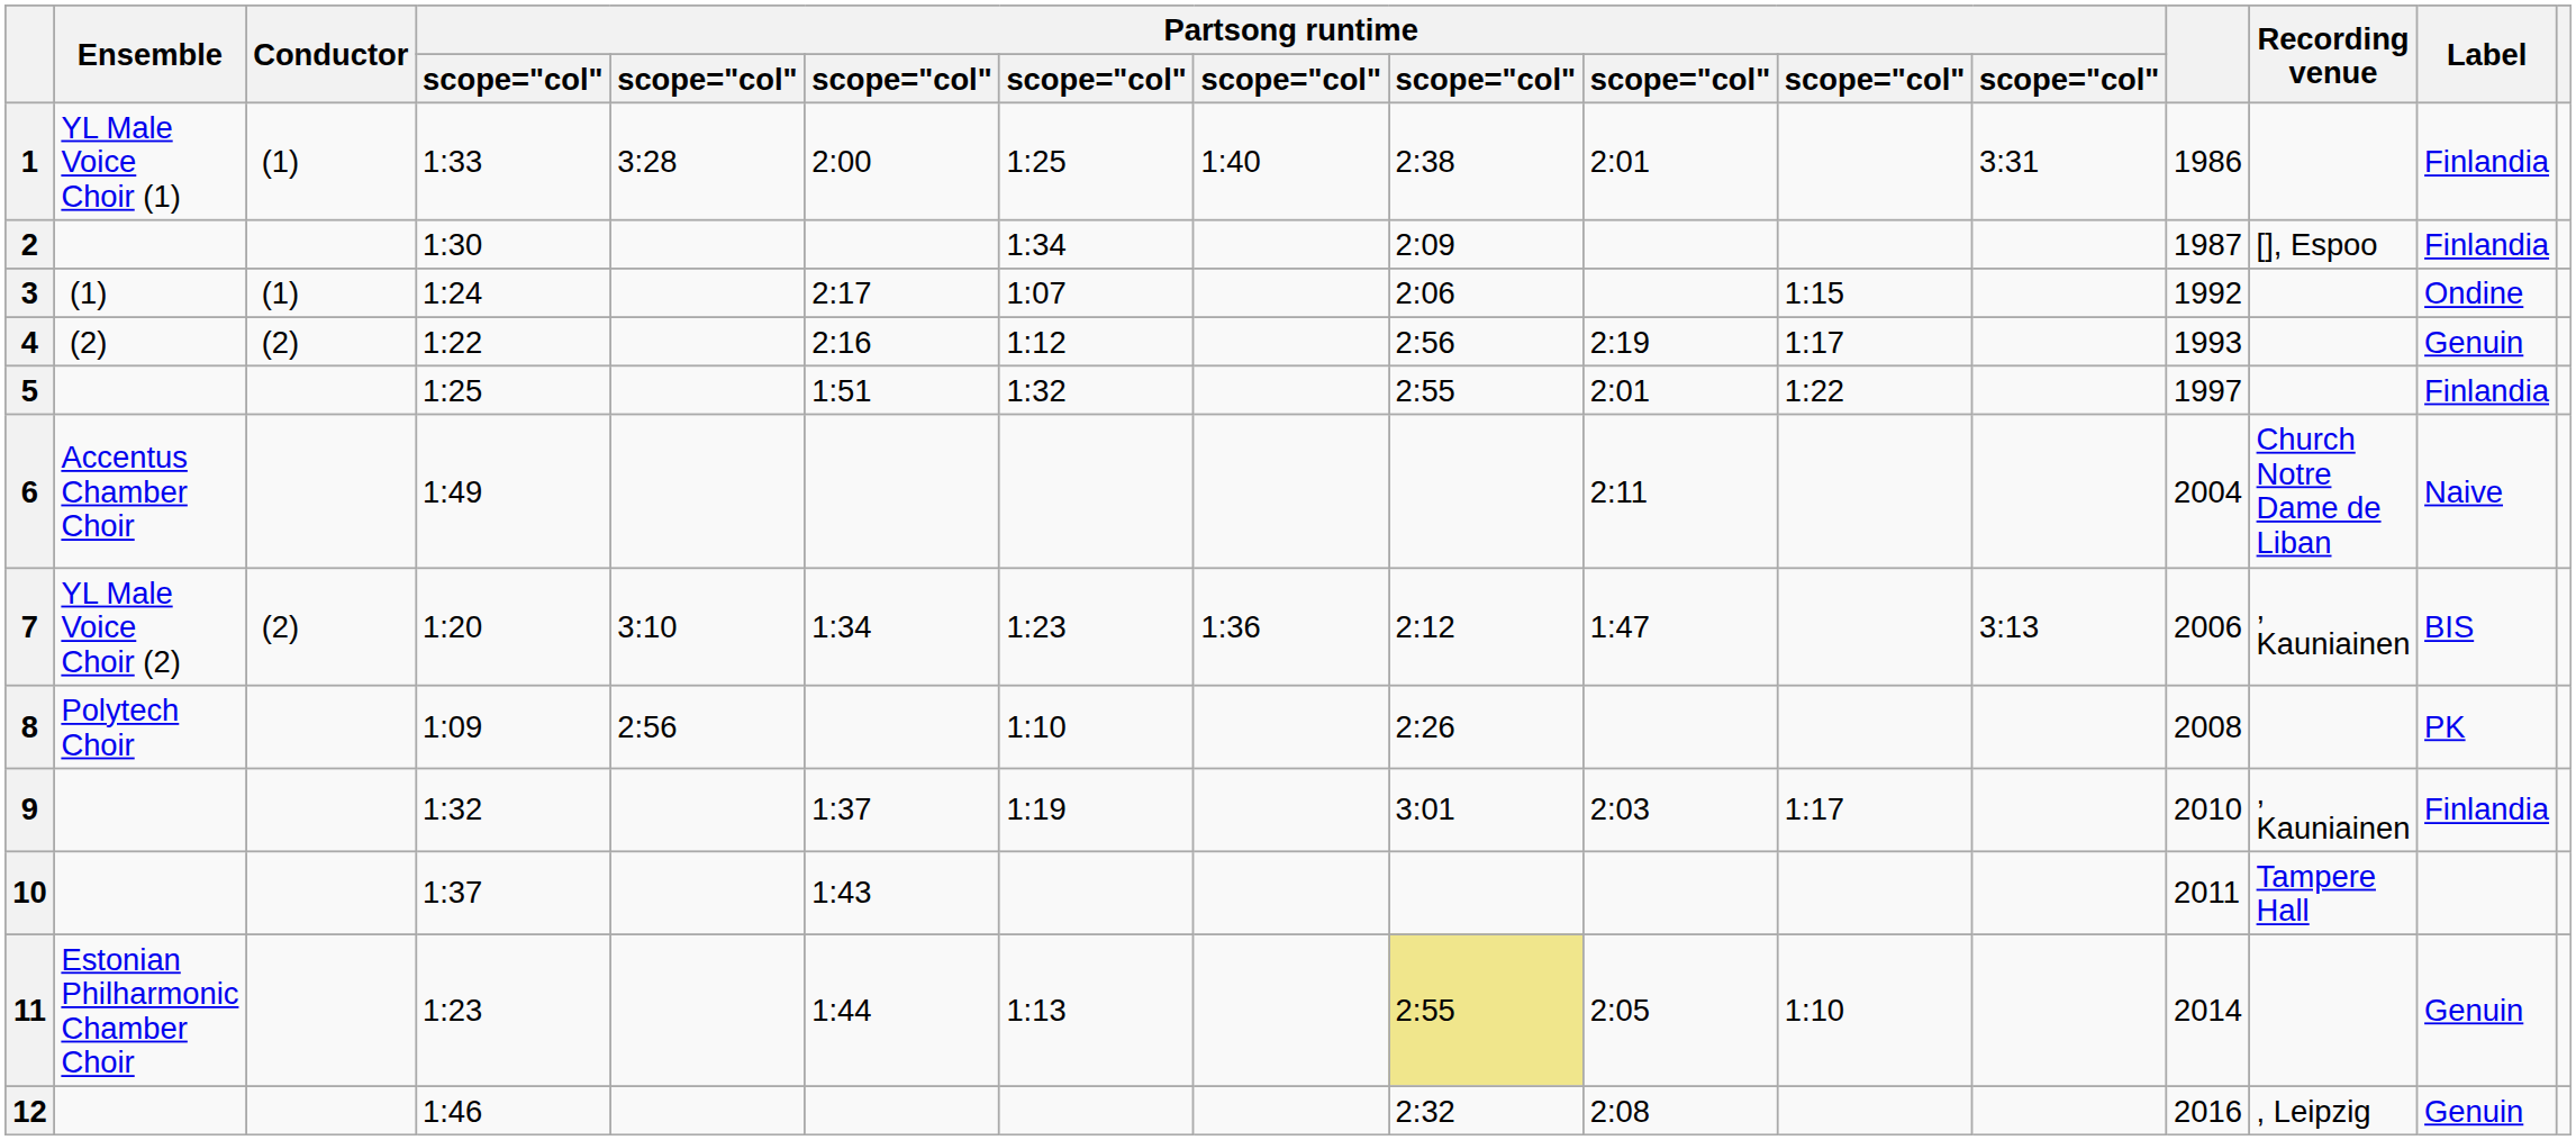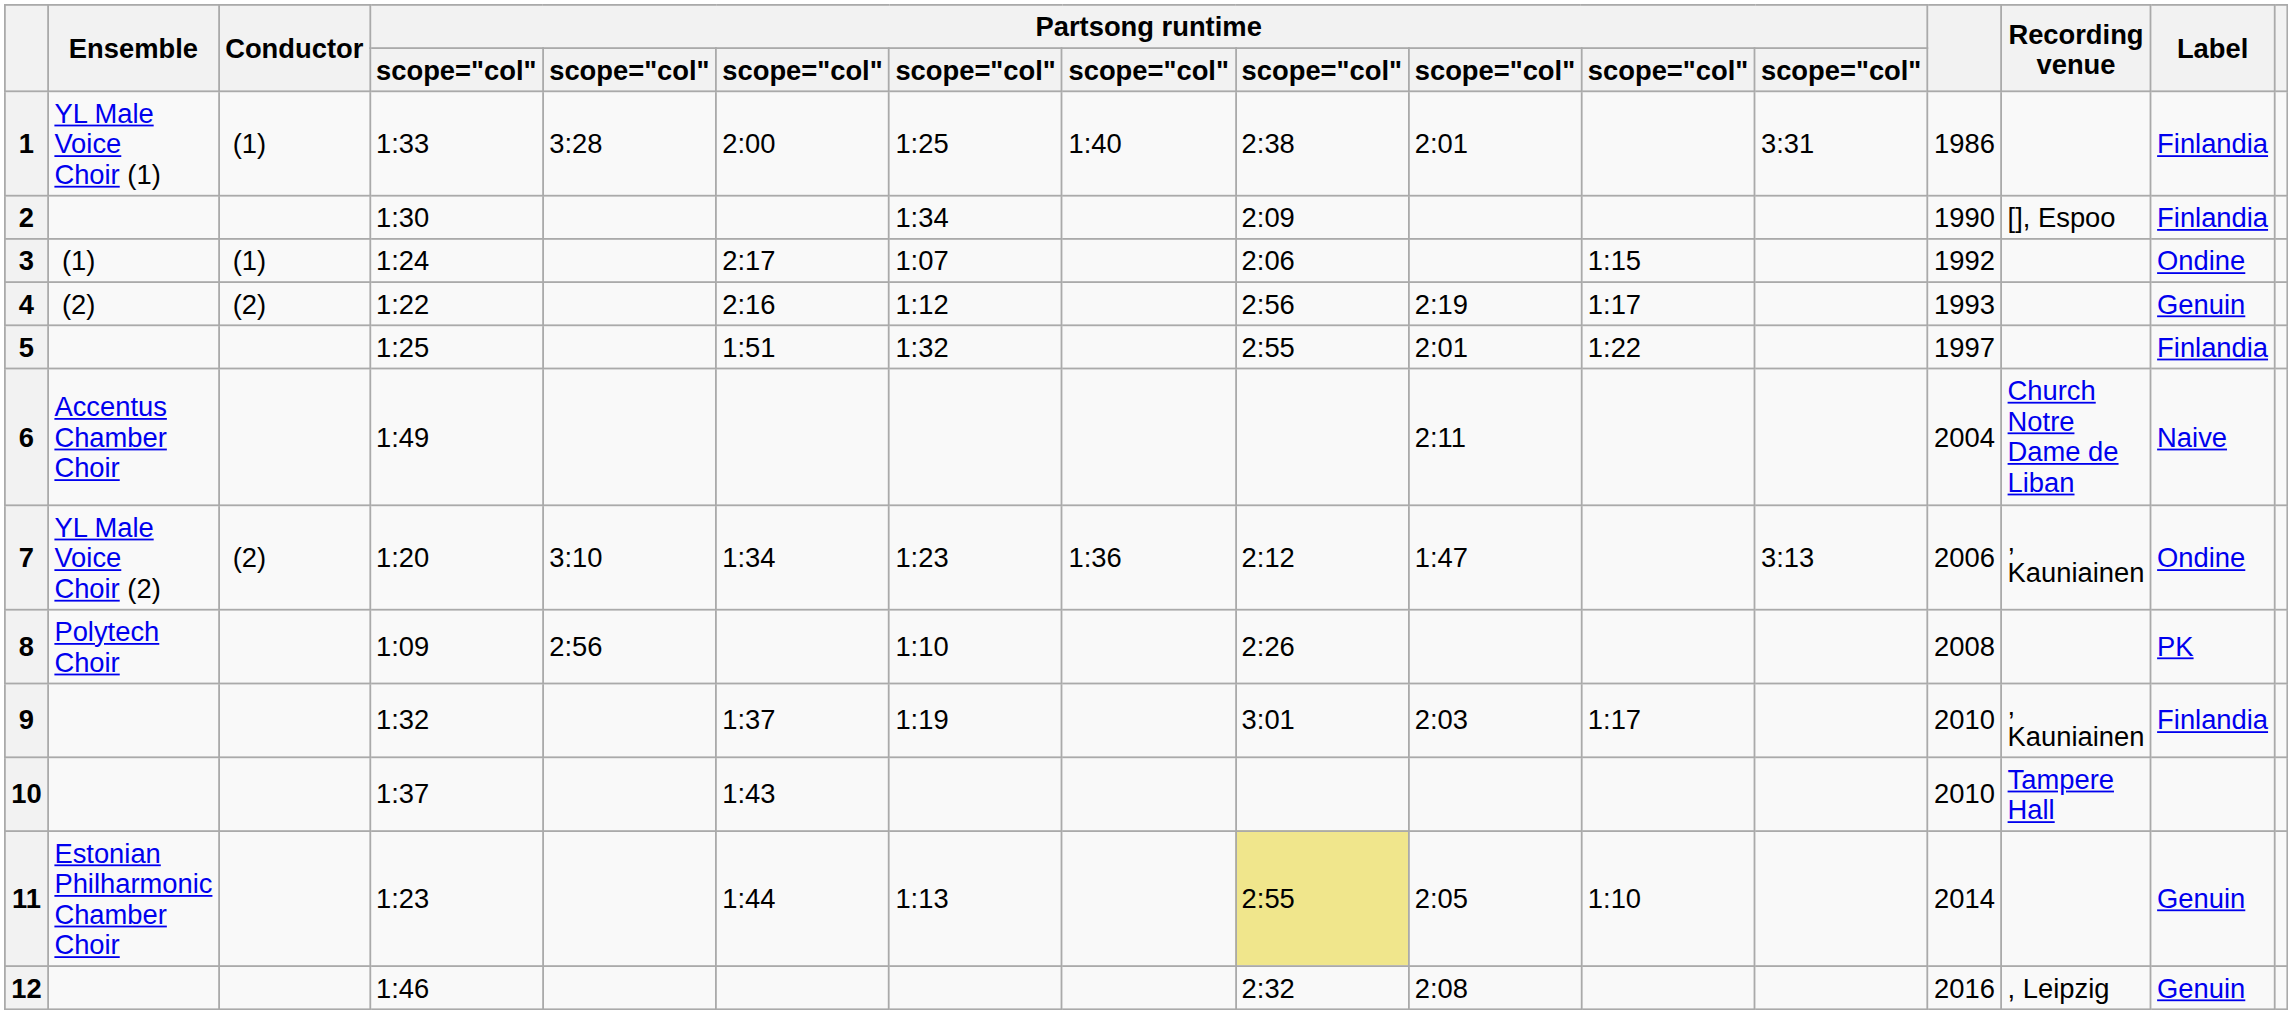 <table class="wikitable sortable" style="margin-right:0; font-size:95%">
 <tr>
 <th rowspan=2 scope="col"></th>
 <th rowspan=2 scope=col>Ensemble</th>
 <th rowspan=2 scope=col>Conductor</th>
 <th colspan=9 scope=col>Partsong runtime</th>
 <th rowspan=2 scope=col></th>
 <th rowspan=2 scope=col>Recording venue</th>
 <th rowspan=2 scope=col>Label</th>
 <th rowspan=2 scope=col class="unsortable"></th>
 </tr>
 <tr>
 <th>scope="col" </th>
 <th>scope="col" </th>
 <th>scope="col" </th>
 <th>scope="col" </th>
 <th>scope="col" </th>
 <th>scope="col" </th>
 <th>scope="col" </th>
 <th>scope="col" </th>
 <th>scope="col" </th>
 </tr>
 <tr>
 <th scope="row">1</th>
 <td><a href='#'>YL Male Voice Choir</a> (1)</td>
 <td> (1)</td>
 <td>1:33</td>
 <td>3:28</td>
 <td>2:00</td>
 <td>1:25</td>
 <td>1:40</td>
 <td>2:38</td>
 <td>2:01</td>
 <td></td>
 <td>3:31</td>
 <td>1986</td>
 <td></td>
 <td><a href='#'>Finlandia</a></td>
 <td></td>
 </tr>
 <tr>
 <th scope="row">2</th>
 <td></td>
 <td></td>
 <td>1:30</td>
 <td></td>
 <td></td>
 <td>1:34</td>
 <td></td>
 <td>2:09</td>
 <td></td>
 <td></td>
 <td></td>
-<td>1987</td>
+<td>1990</td>
 <td>[], Espoo</td>
 <td><a href='#'>Finlandia</a></td>
 <td></td>
 </tr>
 <tr>
 <th scope="row">3</th>
 <td> (1)</td>
 <td> (1)</td>
 <td>1:24</td>
 <td></td>
 <td>2:17</td>
 <td>1:07</td>
 <td></td>
 <td>2:06</td>
 <td></td>
 <td>1:15</td>
 <td></td>
 <td>1992</td>
 <td></td>
 <td><a href='#'>Ondine</a></td>
 <td></td>
 </tr>
 <tr>
 <th scope="row">4</th>
 <td> (2)</td>
 <td> (2)</td>
 <td>1:22</td>
 <td></td>
 <td>2:16</td>
 <td>1:12</td>
 <td></td>
 <td>2:56</td>
 <td>2:19</td>
 <td>1:17</td>
 <td></td>
 <td>1993</td>
 <td></td>
 <td><a href='#'>Genuin</a></td>
 <td></td>
 </tr>
 <tr>
 <th scope="row">5</th>
 <td></td>
 <td></td>
 <td>1:25</td>
 <td></td>
 <td>1:51</td>
 <td>1:32</td>
 <td></td>
 <td>2:55</td>
 <td>2:01</td>
 <td>1:22</td>
 <td></td>
 <td>1997</td>
 <td></td>
 <td><a href='#'>Finlandia</a></td>
 <td></td>
 </tr>
 <tr>
 <th scope="row">6</th>
 <td><a href='#'>Accentus Chamber Choir</a></td>
 <td></td>
 <td>1:49</td>
 <td></td>
 <td></td>
 <td></td>
 <td></td>
 <td></td>
 <td>2:11</td>
 <td></td>
 <td></td>
 <td>2004</td>
 <td><a href='#'>Church Notre Dame de Liban</a></td>
 <td><a href='#'>Naive</a></td>
 <td></td>
 </tr>
 <tr>
 <th scope="row">7</th>
 <td><a href='#'>YL Male Voice Choir</a> (2)</td>
 <td> (2)</td>
 <td>1:20</td>
 <td>3:10</td>
 <td>1:34</td>
 <td>1:23</td>
 <td>1:36</td>
 <td>2:12</td>
 <td>1:47</td>
 <td></td>
 <td>3:13</td>
 <td>2006</td>
 <td>, Kauniainen</td>
-<td><a href='#'>BIS</a></td>
+<td><a href='#'>Ondine</a></td>
 <td></td>
 </tr>
 <tr>
 <th scope="row">8</th>
 <td><a href='#'>Polytech Choir</a></td>
 <td></td>
 <td>1:09</td>
 <td>2:56</td>
 <td></td>
 <td>1:10</td>
 <td></td>
 <td>2:26</td>
 <td></td>
 <td></td>
 <td></td>
 <td>2008</td>
 <td></td>
 <td><a href='#'>PK</a></td>
 <td></td>
 </tr>
 <tr>
 <th scope="row">9</th>
 <td></td>
 <td></td>
 <td>1:32</td>
 <td></td>
 <td>1:37</td>
 <td>1:19</td>
 <td></td>
 <td>3:01</td>
 <td>2:03</td>
 <td>1:17</td>
 <td></td>
 <td>2010</td>
 <td>, Kauniainen</td>
 <td><a href='#'>Finlandia</a></td>
 <td></td>
 </tr>
 <tr>
 <th scope="row">10</th>
 <td></td>
 <td></td>
 <td>1:37</td>
 <td></td>
 <td>1:43</td>
 <td></td>
 <td></td>
 <td></td>
 <td></td>
 <td></td>
 <td></td>
-<td>2011</td>
+<td>2010</td>
 <td><a href='#'>Tampere Hall</a></td>
 <td></td>
 <td></td>
 </tr>
 <tr>
 <th scope="row">11</th>
 <td><a href='#'>Estonian Philharmonic Chamber Choir</a></td>
 <td></td>
 <td>1:23</td>
 <td></td>
 <td>1:44</td>
 <td>1:13</td>
 <td></td>
 <td style="background: khaki;">2:55</td>
 <td>2:05</td>
 <td>1:10</td>
 <td></td>
 <td>2014</td>
 <td></td>
 <td><a href='#'>Genuin</a></td>
 <td></td>
 </tr>
 <tr>
 <th scope="row">12</th>
 <td></td>
 <td></td>
 <td>1:46</td>
 <td></td>
 <td></td>
 <td></td>
 <td></td>
 <td>2:32</td>
 <td>2:08</td>
 <td></td>
 <td></td>
 <td>2016</td>
 <td>, Leipzig</td>
 <td><a href='#'>Genuin</a></td>
 <td></td>
 </tr>
 </table>
